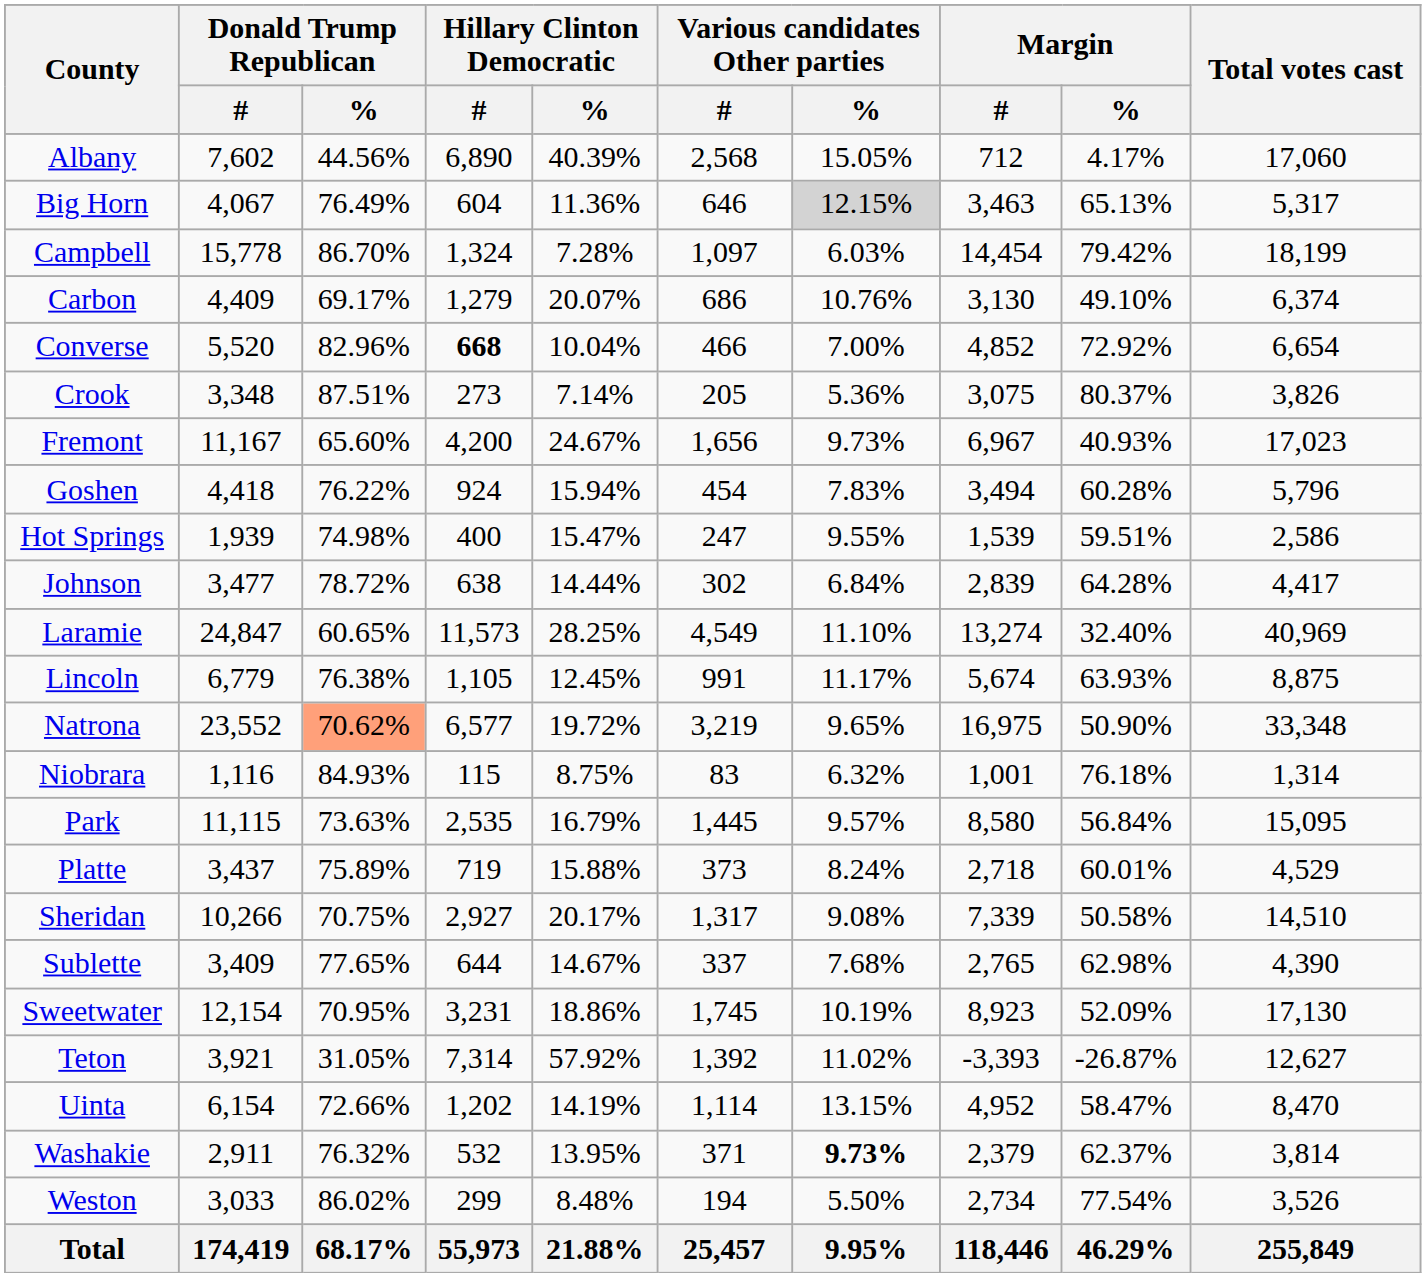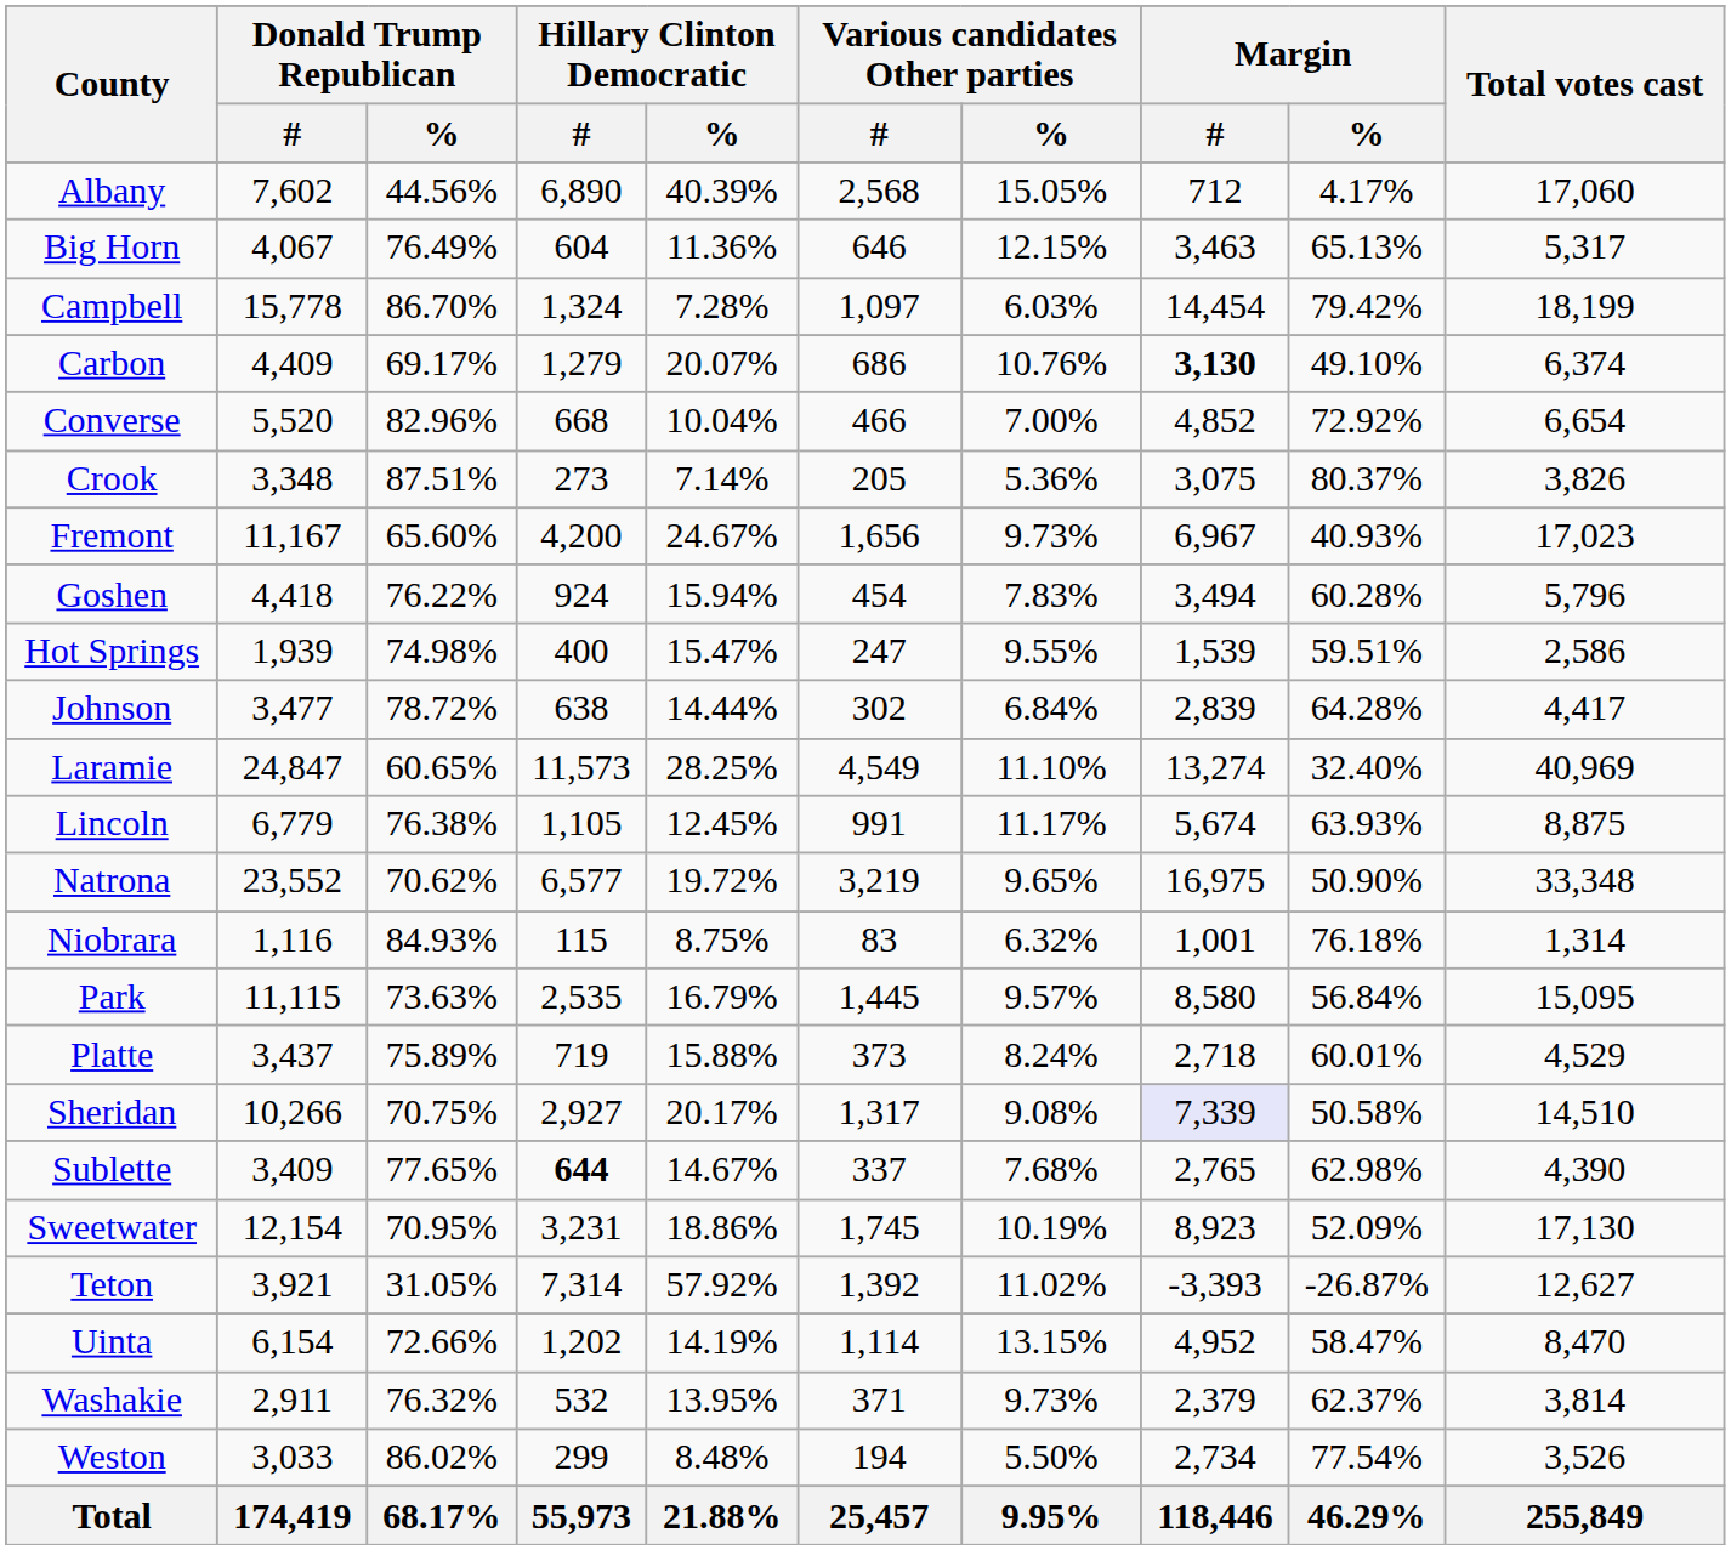 <table width="60%" class="wikitable sortable" style="text-align:center">
 <tr>
 <th style="text-align:center;" rowspan="2">County</th>
 <th style="text-align:center;" colspan="2">Donald Trump<br>Republican</th>
 <th style="text-align:center;" colspan="2">Hillary Clinton<br>Democratic</th>
 <th style="text-align:center;" colspan="2">Various candidates<br>Other parties</th>
 <th style="text-align:center;" colspan="2">Margin</th>
 <th style="text-align:center;" rowspan="2" style="text-align:center;">Total votes cast</th>
 </tr>
 <tr>
 <th style="text-align:center;" data-sort-type="number">#</th>
 <th style="text-align:center;" data-sort-type="number">%</th>
 <th style="text-align:center;" data-sort-type="number">#</th>
 <th style="text-align:center;" data-sort-type="number">%</th>
 <th style="text-align:center;" data-sort-type="number">#</th>
 <th style="text-align:center;" data-sort-type="number">%</th>
 <th style="text-align:center;" data-sort-type="number">#</th>
 <th style="text-align:center;" data-sort-type="number">%</th>
 </tr>
 <tr style="text-align:center;">
 <td><a href='#'>Albany</a></td>
 <td>7,602</td>
 <td>44.56%</td>
 <td>6,890</td>
 <td>40.39%</td>
 <td>2,568</td>
 <td>15.05%</td>
 <td>712</td>
 <td>4.17%</td>
 <td>17,060</td>
 </tr>
 <tr style="text-align:center;">
 <td><a href='#'>Big Horn</a></td>
 <td>4,067</td>
 <td>76.49%</td>
 <td>604</td>
 <td>11.36%</td>
 <td>646</td>
-<td style="background: lightgrey;">12.15%</td>
+<td>12.15%</td>
 <td>3,463</td>
 <td>65.13%</td>
 <td>5,317</td>
 </tr>
 <tr style="text-align:center;">
 <td><a href='#'>Campbell</a></td>
 <td>15,778</td>
 <td>86.70%</td>
 <td>1,324</td>
 <td>7.28%</td>
 <td>1,097</td>
 <td>6.03%</td>
 <td>14,454</td>
 <td>79.42%</td>
 <td>18,199</td>
 </tr>
 <tr style="text-align:center;">
 <td><a href='#'>Carbon</a></td>
 <td>4,409</td>
 <td>69.17%</td>
 <td>1,279</td>
 <td>20.07%</td>
 <td>686</td>
 <td>10.76%</td>
-<td>3,130</td>
+<td><strong>3,130</strong></td>
 <td>49.10%</td>
 <td>6,374</td>
 </tr>
 <tr style="text-align:center;">
 <td><a href='#'>Converse</a></td>
 <td>5,520</td>
 <td>82.96%</td>
-<td><strong>668</strong></td>
+<td>668</td>
 <td>10.04%</td>
 <td>466</td>
 <td>7.00%</td>
 <td>4,852</td>
 <td>72.92%</td>
 <td>6,654</td>
 </tr>
 <tr style="text-align:center;">
 <td><a href='#'>Crook</a></td>
 <td>3,348</td>
 <td>87.51%</td>
 <td>273</td>
 <td>7.14%</td>
 <td>205</td>
 <td>5.36%</td>
 <td>3,075</td>
 <td>80.37%</td>
 <td>3,826</td>
 </tr>
 <tr style="text-align:center;">
 <td><a href='#'>Fremont</a></td>
 <td>11,167</td>
 <td>65.60%</td>
 <td>4,200</td>
 <td>24.67%</td>
 <td>1,656</td>
 <td>9.73%</td>
 <td>6,967</td>
 <td>40.93%</td>
 <td>17,023</td>
 </tr>
 <tr style="text-align:center;">
 <td><a href='#'>Goshen</a></td>
 <td>4,418</td>
 <td>76.22%</td>
 <td>924</td>
 <td>15.94%</td>
 <td>454</td>
 <td>7.83%</td>
 <td>3,494</td>
 <td>60.28%</td>
 <td>5,796</td>
 </tr>
 <tr style="text-align:center;">
 <td><a href='#'>Hot Springs</a></td>
 <td>1,939</td>
 <td>74.98%</td>
 <td>400</td>
 <td>15.47%</td>
 <td>247</td>
 <td>9.55%</td>
 <td>1,539</td>
 <td>59.51%</td>
 <td>2,586</td>
 </tr>
 <tr style="text-align:center;">
 <td><a href='#'>Johnson</a></td>
 <td>3,477</td>
 <td>78.72%</td>
 <td>638</td>
 <td>14.44%</td>
 <td>302</td>
 <td>6.84%</td>
 <td>2,839</td>
 <td>64.28%</td>
 <td>4,417</td>
 </tr>
 <tr style="text-align:center;">
 <td><a href='#'>Laramie</a></td>
 <td>24,847</td>
 <td>60.65%</td>
 <td>11,573</td>
 <td>28.25%</td>
 <td>4,549</td>
 <td>11.10%</td>
 <td>13,274</td>
 <td>32.40%</td>
 <td>40,969</td>
 </tr>
 <tr style="text-align:center;">
 <td><a href='#'>Lincoln</a></td>
 <td>6,779</td>
 <td>76.38%</td>
 <td>1,105</td>
 <td>12.45%</td>
 <td>991</td>
 <td>11.17%</td>
 <td>5,674</td>
 <td>63.93%</td>
 <td>8,875</td>
 </tr>
 <tr style="text-align:center;">
 <td><a href='#'>Natrona</a></td>
 <td>23,552</td>
-<td style="background: lightsalmon;">70.62%</td>
+<td>70.62%</td>
 <td>6,577</td>
 <td>19.72%</td>
 <td>3,219</td>
 <td>9.65%</td>
 <td>16,975</td>
 <td>50.90%</td>
 <td>33,348</td>
 </tr>
 <tr style="text-align:center;">
 <td><a href='#'>Niobrara</a></td>
 <td>1,116</td>
 <td>84.93%</td>
 <td>115</td>
 <td>8.75%</td>
 <td>83</td>
 <td>6.32%</td>
 <td>1,001</td>
 <td>76.18%</td>
 <td>1,314</td>
 </tr>
 <tr style="text-align:center;">
 <td><a href='#'>Park</a></td>
 <td>11,115</td>
 <td>73.63%</td>
 <td>2,535</td>
 <td>16.79%</td>
 <td>1,445</td>
 <td>9.57%</td>
 <td>8,580</td>
 <td>56.84%</td>
 <td>15,095</td>
 </tr>
 <tr style="text-align:center;">
 <td><a href='#'>Platte</a></td>
 <td>3,437</td>
 <td>75.89%</td>
 <td>719</td>
 <td>15.88%</td>
 <td>373</td>
 <td>8.24%</td>
 <td>2,718</td>
 <td>60.01%</td>
 <td>4,529</td>
 </tr>
 <tr style="text-align:center;">
 <td><a href='#'>Sheridan</a></td>
 <td>10,266</td>
 <td>70.75%</td>
 <td>2,927</td>
 <td>20.17%</td>
 <td>1,317</td>
 <td>9.08%</td>
-<td>7,339</td>
+<td style="background: lavender;">7,339</td>
 <td>50.58%</td>
 <td>14,510</td>
 </tr>
 <tr style="text-align:center;">
 <td><a href='#'>Sublette</a></td>
 <td>3,409</td>
 <td>77.65%</td>
-<td>644</td>
+<td><strong>644</strong></td>
 <td>14.67%</td>
 <td>337</td>
 <td>7.68%</td>
 <td>2,765</td>
 <td>62.98%</td>
 <td>4,390</td>
 </tr>
 <tr style="text-align:center;">
 <td><a href='#'>Sweetwater</a></td>
 <td>12,154</td>
 <td>70.95%</td>
 <td>3,231</td>
 <td>18.86%</td>
 <td>1,745</td>
 <td>10.19%</td>
 <td>8,923</td>
 <td>52.09%</td>
 <td>17,130</td>
 </tr>
 <tr style="text-align:center;">
 <td><a href='#'>Teton</a></td>
 <td>3,921</td>
 <td>31.05%</td>
 <td>7,314</td>
 <td>57.92%</td>
 <td>1,392</td>
 <td>11.02%</td>
 <td>-3,393</td>
 <td>-26.87%</td>
 <td>12,627</td>
 </tr>
 <tr style="text-align:center;">
 <td><a href='#'>Uinta</a></td>
 <td>6,154</td>
 <td>72.66%</td>
 <td>1,202</td>
 <td>14.19%</td>
 <td>1,114</td>
 <td>13.15%</td>
 <td>4,952</td>
 <td>58.47%</td>
 <td>8,470</td>
 </tr>
 <tr style="text-align:center;">
 <td><a href='#'>Washakie</a></td>
 <td>2,911</td>
 <td>76.32%</td>
 <td>532</td>
 <td>13.95%</td>
 <td>371</td>
-<td><strong>9.73%</strong></td>
+<td>9.73%</td>
 <td>2,379</td>
 <td>62.37%</td>
 <td>3,814</td>
 </tr>
 <tr style="text-align:center;">
 <td><a href='#'>Weston</a></td>
 <td>3,033</td>
 <td>86.02%</td>
 <td>299</td>
 <td>8.48%</td>
 <td>194</td>
 <td>5.50%</td>
 <td>2,734</td>
 <td>77.54%</td>
 <td>3,526</td>
 </tr>
 <tr style="text-align:center;">
 <th>Total</th>
 <th>174,419</th>
 <th>68.17%</th>
 <th>55,973</th>
 <th>21.88%</th>
 <th>25,457</th>
 <th>9.95%</th>
 <th>118,446</th>
 <th>46.29%</th>
 <th>255,849</th>
 </tr>
 </table>
